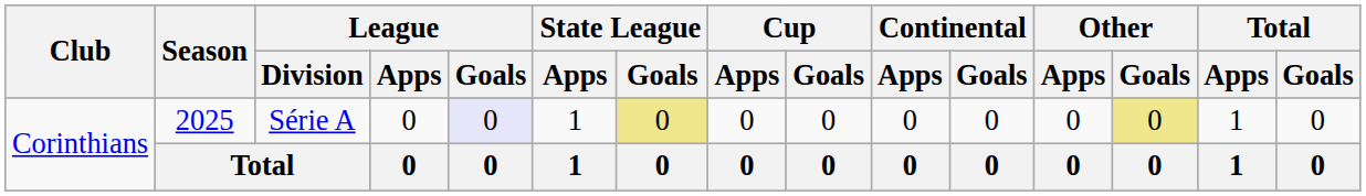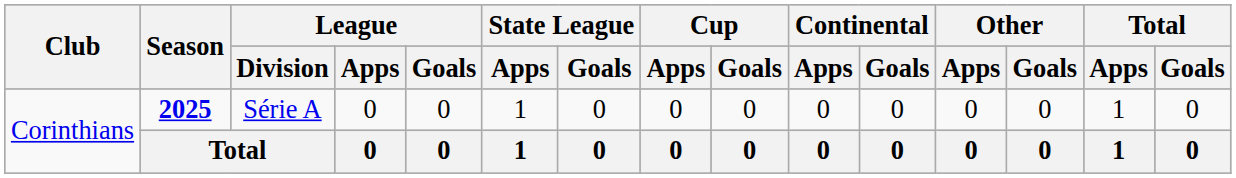 <table class="wikitable" style="text-align: center;">
 <tr>
 <th rowspan="2">Club</th>
 <th rowspan="2">Season</th>
 <th colspan="3">League</th>
 <th colspan="2">State League</th>
 <th colspan="2">Cup</th>
 <th colspan="2">Continental</th>
 <th colspan="2">Other</th>
 <th colspan="2">Total</th>
 </tr>
 <tr>
 <th>Division</th>
 <th>Apps</th>
 <th>Goals</th>
 <th>Apps</th>
 <th>Goals</th>
 <th>Apps</th>
 <th>Goals</th>
 <th>Apps</th>
 <th>Goals</th>
 <th>Apps</th>
 <th>Goals</th>
 <th>Apps</th>
 <th>Goals</th>
 </tr>
 <tr>
 <td rowspan="2" valign="center"><a href='#'>Corinthians</a></td>
-<td><a href='#'>2025</a></td>
+<td><strong><a href='#'>2025</a></strong></td>
 <td rowspan="1"><a href='#'>Série A</a></td>
 <td>0</td>
-<td style="background: lavender;">0</td>
+<td>0</td>
 <td>1</td>
-<td style="background: khaki;">0</td>
 <td>0</td>
 <td>0</td>
 <td>0</td>
 <td>0</td>
 <td>0</td>
-<td style="background: khaki;">0</td>
+<td>0</td>
+<td>0</td>
 <td>1</td>
 <td>0</td>
 </tr>
 <tr>
 <th colspan="2"><strong>Total</strong></th>
 <th>0</th>
 <th>0</th>
 <th>1</th>
 <th>0</th>
 <th>0</th>
 <th>0</th>
 <th>0</th>
 <th>0</th>
 <th>0</th>
 <th>0</th>
 <th>1</th>
 <th>0</th>
 </tr>
 </table>
